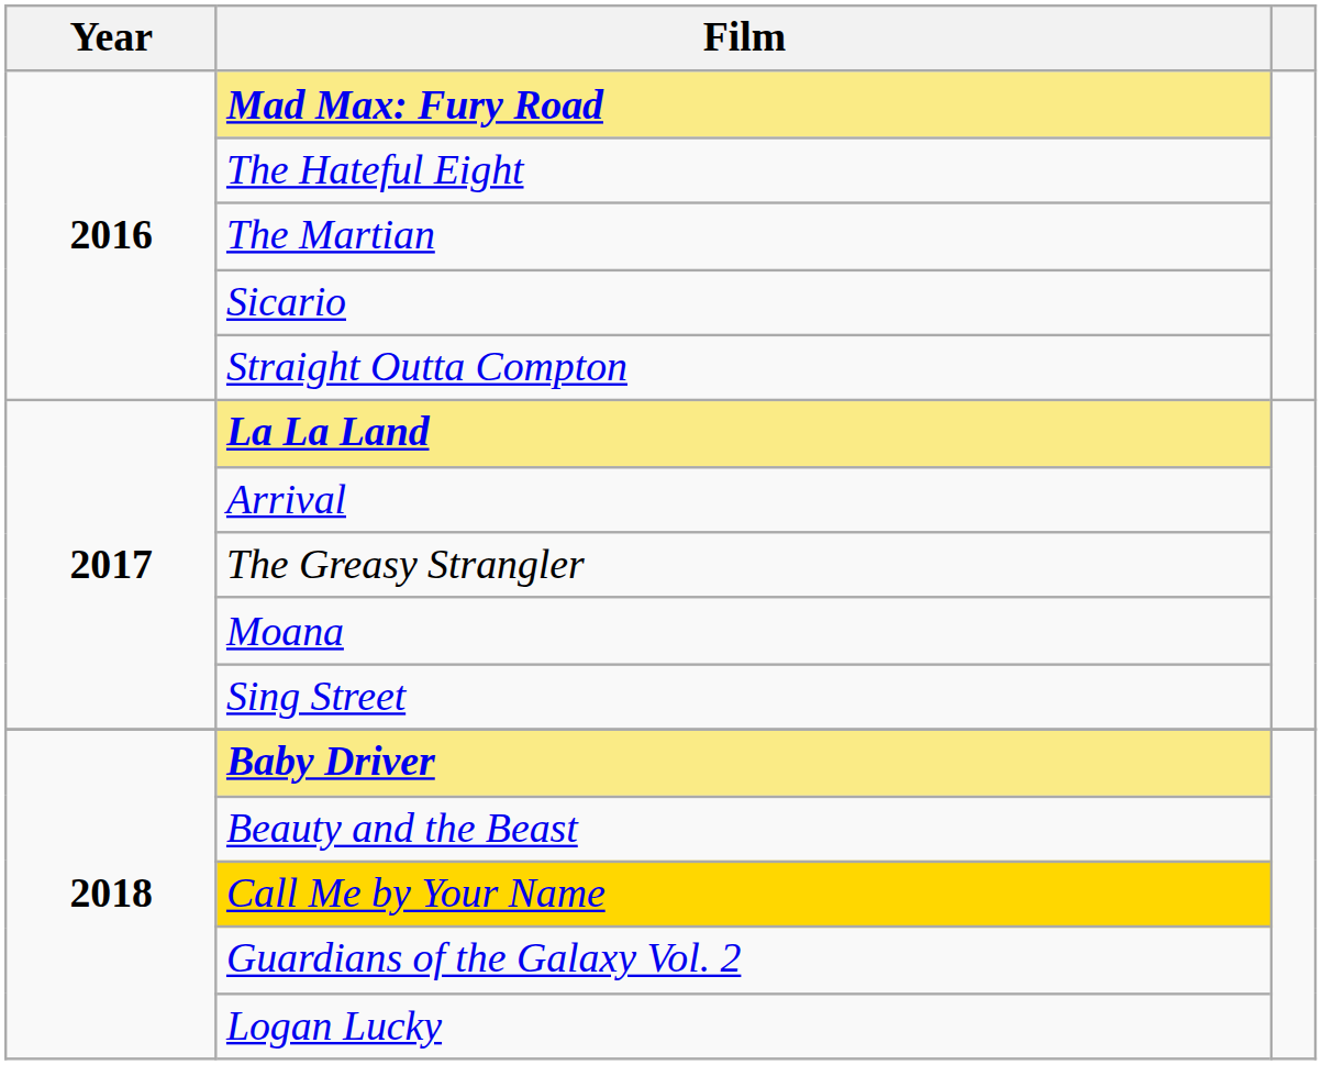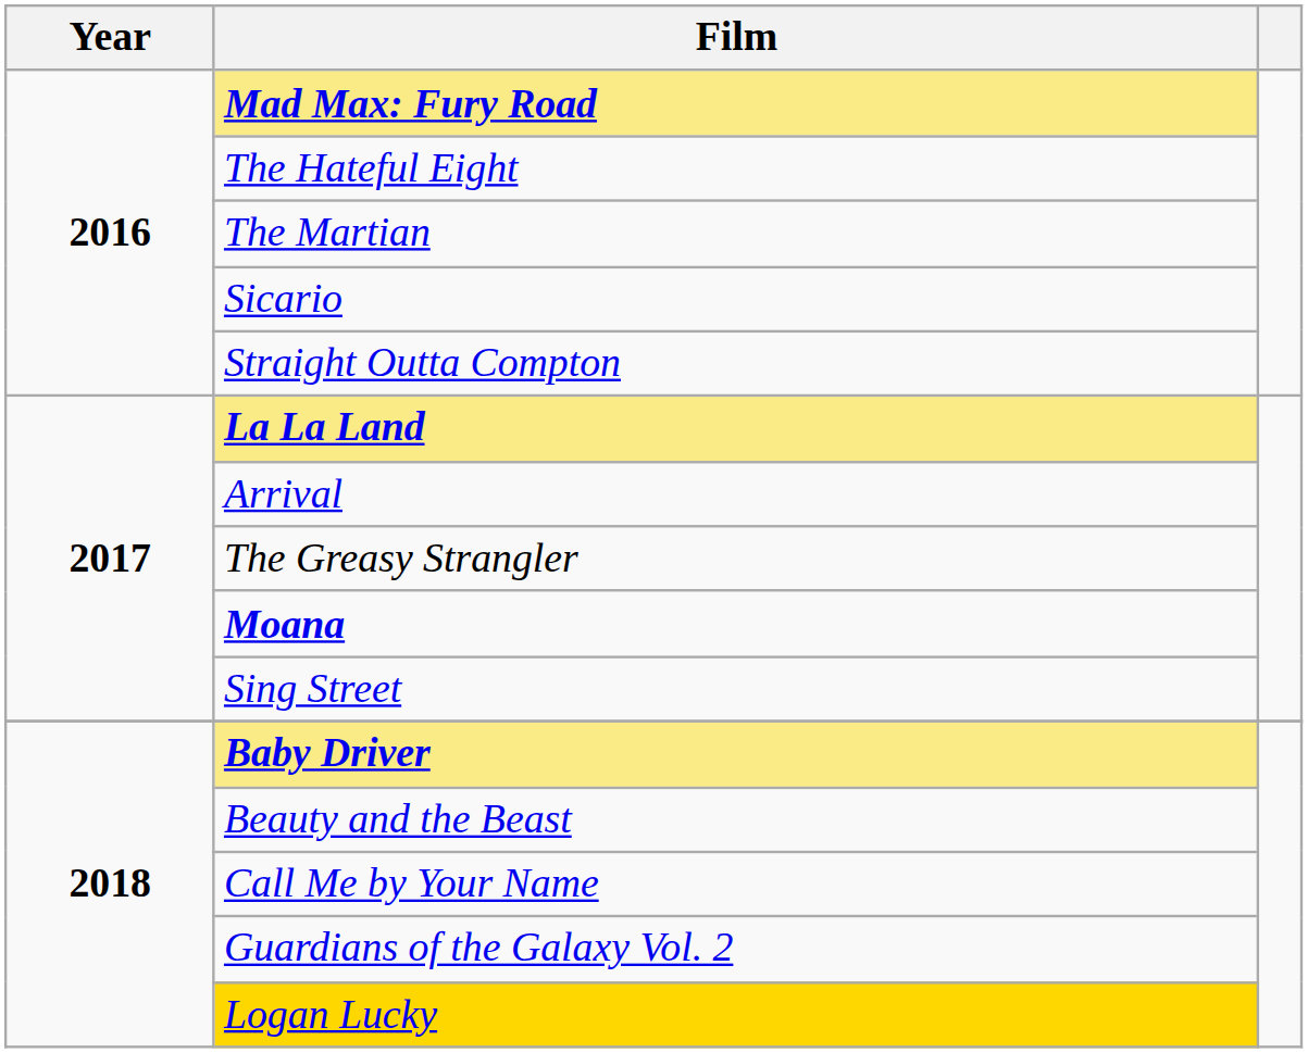 <table class="wikitable" width="40%">
 <tr>
 <th width="10%">Year</th>
 <th width="50%">Film</th>
 <th width="2%"></th>
 </tr>
 <tr>
 <td rowspan="5" style="text-align:center"><strong>2016<br> </strong></td>
 <td style="background:#FAEB86"><strong><em><a href='#'>Mad Max: Fury Road</a></em></strong></td>
 <td rowspan="5" style="text-align:center"></td>
 </tr>
 <tr>
 <td><em><a href='#'>The Hateful Eight</a></em></td>
 </tr>
 <tr>
 <td><em><a href='#'>The Martian</a></em></td>
 </tr>
 <tr>
 <td><em><a href='#'>Sicario</a></em></td>
 </tr>
 <tr>
 <td><em><a href='#'>Straight Outta Compton</a></em></td>
 </tr>
 <tr>
 <td rowspan="5" style="text-align:center"><strong>2017<br> </strong></td>
 <td style="background:#FAEB86"><strong><em><a href='#'>La La Land</a></em></strong></td>
 <td rowspan="5" style="text-align:center"></td>
 </tr>
 <tr>
 <td><em><a href='#'>Arrival</a></em></td>
 </tr>
 <tr>
 <td><em>The Greasy Strangler</em></td>
 </tr>
 <tr>
-<td><em><a href='#'>Moana</a></em></td>
+<td><strong><em><a href='#'>Moana</a></em></strong></td>
 </tr>
 <tr>
 <td><em><a href='#'>Sing Street</a></em></td>
 </tr>
 <tr>
 </tr>
 <tr>
 <td rowspan="5" style="text-align:center"><strong>2018<br> </strong></td>
 <td style="background:#FAEB86"><strong><em><a href='#'>Baby Driver</a></em></strong></td>
 <td rowspan="5" style="text-align:center"></td>
 </tr>
 <tr>
 <td><em><a href='#'>Beauty and the Beast</a></em></td>
 </tr>
 <tr>
-<td style="background: gold;"><em><a href='#'>Call Me by Your Name</a></em></td>
+<td><em><a href='#'>Call Me by Your Name</a></em></td>
 </tr>
 <tr>
 <td><em><a href='#'>Guardians of the Galaxy Vol. 2</a></em></td>
 </tr>
 <tr>
-<td><em><a href='#'>Logan Lucky</a></em></td>
+<td style="background: gold;"><em><a href='#'>Logan Lucky</a></em></td>
 </tr>
 </table>
